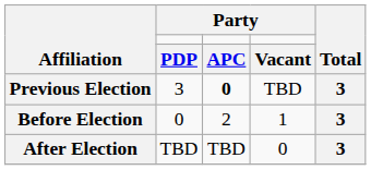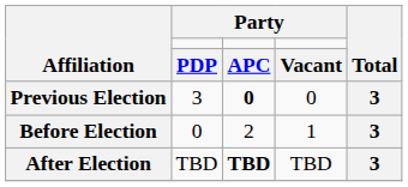 <table class=wikitable style="text-align:center">
 <tr style="vertical-align:bottom;">
 <th rowspan=3>Affiliation</th>
 <th colspan=3>Party</th>
 <th rowspan=3>Total</th>
 </tr>
 <tr>
 <td style="background-color:"></td>
 <td style="background-color:"></td>
 </tr>
 <tr>
 <th><a href='#'>PDP</a></th>
 <th><a href='#'>APC</a></th>
 <th>Vacant</th>
 </tr>
 <tr>
 <th>Previous Election</th>
 <td>3</td>
 <td><strong>0</strong></td>
-<td>TBD</td>
+<td>0</td>
 <th>3</th>
 </tr>
 <tr>
 <th>Before Election</th>
 <td>0</td>
 <td>2</td>
 <td>1</td>
 <th>3</th>
 </tr>
 <tr>
 <th>After Election</th>
 <td>TBD</td>
+<td><strong>TBD</strong></td>
 <td>TBD</td>
-<td>0</td>
 <th>3</th>
 </tr>
 <tr>
 </tr>
 </table>
